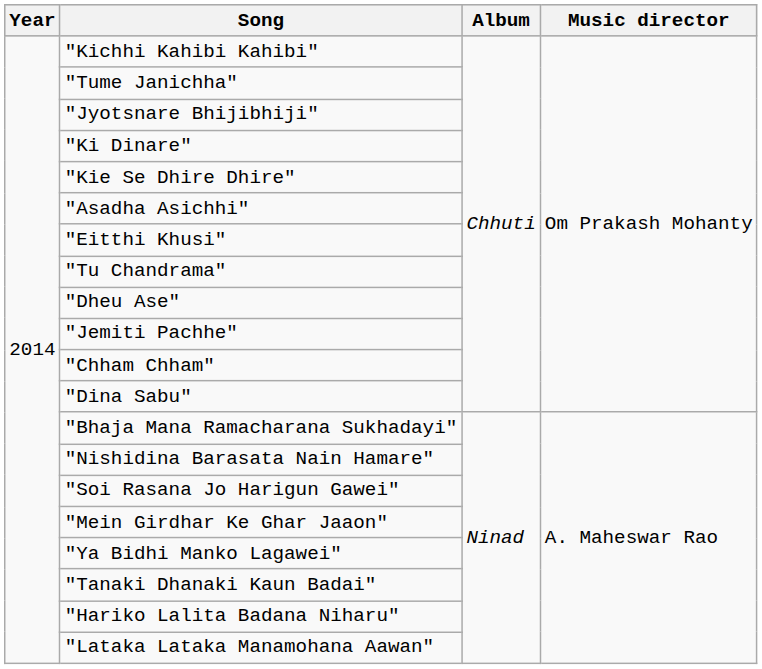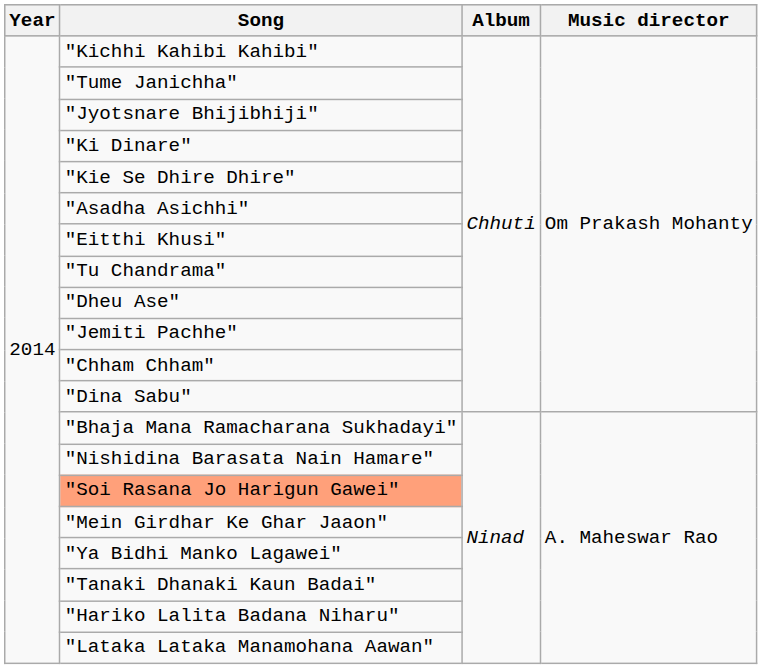 <table class="wikitable">
 <tr style="background:#ccc; text-align:center;">
 <th>Year</th>
 <th>Song</th>
 <th>Album</th>
 <th>Music director</th>
 </tr>
 <tr>
 <td rowspan="20">2014</td>
 <td>"Kichhi Kahibi Kahibi"</td>
 <td rowspan="12"><em>Chhuti</em></td>
 <td rowspan="12">Om Prakash Mohanty</td>
 </tr>
 <tr>
 <td>"Tume Janichha"</td>
 </tr>
 <tr>
 <td>"Jyotsnare Bhijibhiji"</td>
 </tr>
 <tr>
 <td>"Ki Dinare"</td>
 </tr>
 <tr>
 <td>"Kie Se Dhire Dhire"</td>
 </tr>
 <tr>
 <td>"Asadha Asichhi"</td>
 </tr>
 <tr>
 <td>"Eitthi Khusi"</td>
 </tr>
 <tr>
 <td>"Tu Chandrama"</td>
 </tr>
 <tr>
 <td>"Dheu Ase"</td>
 </tr>
 <tr>
 <td>"Jemiti Pachhe"</td>
 </tr>
 <tr>
 <td>"Chham Chham"</td>
 </tr>
 <tr>
 <td>"Dina Sabu"</td>
 </tr>
 <tr>
 <td>"Bhaja Mana Ramacharana Sukhadayi"</td>
 <td rowspan="8"><em>Ninad</em></td>
 <td rowspan="8">A. Maheswar Rao</td>
 </tr>
 <tr>
 <td>"Nishidina Barasata Nain Hamare"</td>
 </tr>
 <tr>
-<td>"Soi Rasana Jo Harigun Gawei"</td>
+<td style="background: lightsalmon;">"Soi Rasana Jo Harigun Gawei"</td>
 </tr>
 <tr>
 <td>"Mein Girdhar Ke Ghar Jaaon"</td>
 </tr>
 <tr>
 <td>"Ya Bidhi Manko Lagawei"</td>
 </tr>
 <tr>
 <td>"Tanaki Dhanaki Kaun Badai"</td>
 </tr>
 <tr>
 <td>"Hariko Lalita Badana Niharu"</td>
 </tr>
 <tr>
 <td>"Lataka Lataka Manamohana Aawan"</td>
 </tr>
 </table>
